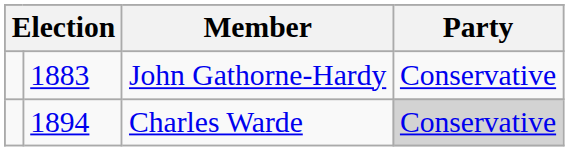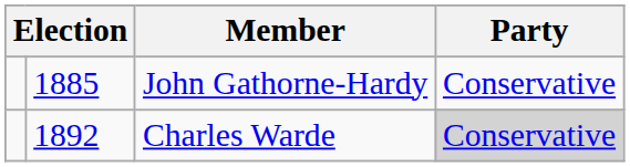 <table class="wikitable">
 <tr>
 <th colspan="2">Election</th>
 <th>Member</th>
 <th>Party</th>
 </tr>
 <tr>
 <td style="color:inherit;background-color: "></td>
-<td><a href='#'>1883</a></td>
+<td><a href='#'>1885</a></td>
 <td><a href='#'>John Gathorne-Hardy</a></td>
 <td><a href='#'>Conservative</a></td>
 </tr>
 <tr>
 <td style="color:inherit;background-color: "></td>
-<td><a href='#'>1894</a></td>
+<td><a href='#'>1892</a></td>
 <td><a href='#'>Charles Warde</a></td>
 <td style="background: lightgrey;"><a href='#'>Conservative</a></td>
 </tr>
 </table>
